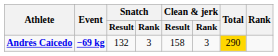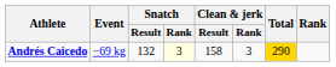 <table class="wikitable" style="font-size:90%">
 <tr>
 <th rowspan="2">Athlete</th>
 <th rowspan="2">Event</th>
 <th colspan="2">Snatch</th>
 <th colspan="2">Clean & jerk</th>
 <th rowspan="2">Total</th>
 <th rowspan="2">Rank</th>
 </tr>
 <tr style="font-size:95%">
 <th>Result</th>
 <th>Rank</th>
 <th>Result</th>
 <th>Rank</th>
 </tr>
 <tr align=center>
 <td align=left><strong><a href='#'>Andrés Caicedo</a></strong></td>
-<td align=left><strong><a href='#'>−69 kg</a></strong></td>
+<td align=left><a href='#'>−69 kg</a></td>
 <td>132</td>
-<td>3</td>
+<td style="background: lightyellow;">3</td>
 <td>158</td>
 <td>3</td>
 <td style="background: gold;">290</td>
 <td></td>
 </tr>
 </table>
